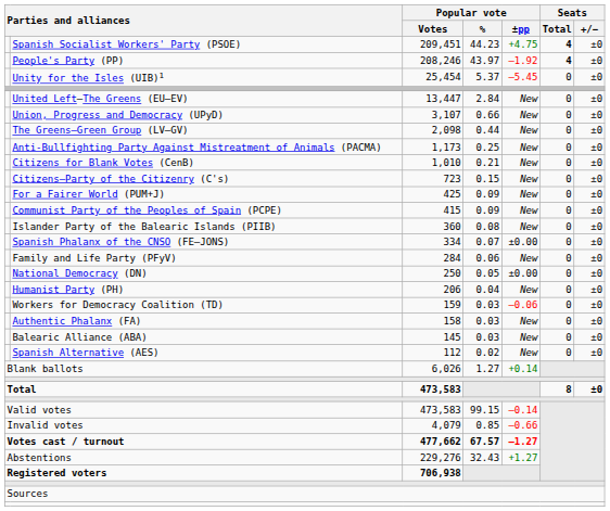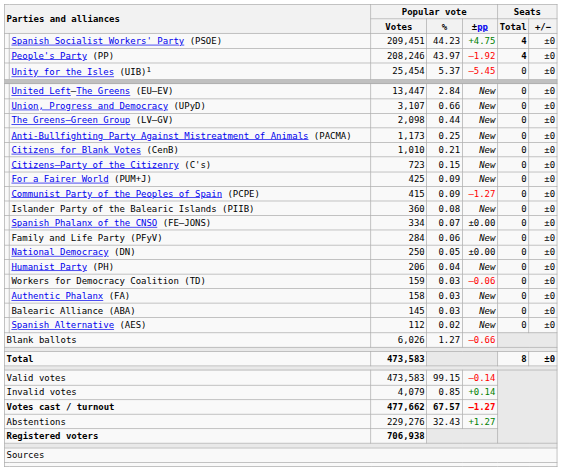 <table class="wikitable" style="text-align:right;">
 <tr>
 <th style="text-align:left;" rowspan="2" colspan="2" width="525">Parties and alliances</th>
 <th colspan="3">Popular vote</th>
 <th colspan="2">Seats</th>
 </tr>
 <tr>
 <th width="75">Votes</th>
 <th width="45">%</th>
 <th width="45">±<a href='#'>pp</a></th>
 <th width="35">Total</th>
 <th width="35">+/−</th>
 </tr>
 <tr>
 <td width="1" style="color:inherit;background:"></td>
 <td align="left"><a href='#'>Spanish Socialist Workers' Party</a> (PSOE)</td>
 <td>209,451</td>
 <td>44.23</td>
 <td style="color:green;">+4.75</td>
 <td><strong>4</strong></td>
 <td>±0</td>
 </tr>
 <tr>
 <td style="color:inherit;background:"></td>
 <td align="left"><a href='#'>People's Party</a> (PP)</td>
 <td>208,246</td>
 <td>43.97</td>
 <td style="color:red;">–1.92</td>
 <td><strong>4</strong></td>
 <td>±0</td>
 </tr>
 <tr>
 <td style="color:inherit;background:"></td>
 <td align="left"><a href='#'>Unity for the Isles</a> (UIB)<sup>1</sup></td>
 <td>25,454</td>
 <td>5.37</td>
 <td style="color:red;">–5.45</td>
 <td>0</td>
 <td>±0</td>
 </tr>
 <tr>
 <td colspan="7" bgcolor="#C0C0C0"></td>
 </tr>
 <tr>
 <td style="color:inherit;background:"></td>
 <td align="left"><a href='#'>United Left</a>–<a href='#'>The Greens</a> (EU–EV)</td>
 <td>13,447</td>
 <td>2.84</td>
 <td><em>New</em></td>
 <td>0</td>
 <td>±0</td>
 </tr>
 <tr>
 <td style="color:inherit;background:"></td>
 <td align="left"><a href='#'>Union, Progress and Democracy</a> (UPyD)</td>
 <td>3,107</td>
 <td>0.66</td>
 <td><em>New</em></td>
 <td>0</td>
 <td>±0</td>
 </tr>
 <tr>
 <td style="color:inherit;background:"></td>
 <td align="left"><a href='#'>The Greens–Green Group</a> (LV–GV)</td>
 <td>2,098</td>
 <td>0.44</td>
 <td><em>New</em></td>
 <td>0</td>
 <td>±0</td>
 </tr>
 <tr>
 <td style="color:inherit;background:"></td>
 <td align="left"><a href='#'>Anti-Bullfighting Party Against Mistreatment of Animals</a> (PACMA)</td>
 <td>1,173</td>
 <td>0.25</td>
 <td><em>New</em></td>
 <td>0</td>
 <td>±0</td>
 </tr>
 <tr>
 <td style="color:inherit;background:"></td>
 <td align="left"><a href='#'>Citizens for Blank Votes</a> (CenB)</td>
 <td>1,010</td>
 <td>0.21</td>
 <td><em>New</em></td>
 <td>0</td>
 <td>±0</td>
 </tr>
 <tr>
 <td style="color:inherit;background:"></td>
 <td align="left"><a href='#'>Citizens–Party of the Citizenry</a> (C's)</td>
 <td>723</td>
 <td>0.15</td>
 <td><em>New</em></td>
 <td>0</td>
 <td>±0</td>
 </tr>
 <tr>
 <td style="color:inherit;background:"></td>
 <td align="left"><a href='#'>For a Fairer World</a> (PUM+J)</td>
 <td>425</td>
 <td>0.09</td>
 <td><em>New</em></td>
 <td>0</td>
 <td>±0</td>
 </tr>
 <tr>
 <td style="color:inherit;background:"></td>
 <td align="left"><a href='#'>Communist Party of the Peoples of Spain</a> (PCPE)</td>
 <td>415</td>
 <td>0.09</td>
-<td><em>New</em></td>
+<td style="color:red;">–1.27</td>
 <td>0</td>
 <td>±0</td>
 </tr>
 <tr>
 <td style="color:inherit;background:"></td>
 <td align="left">Islander Party of the Balearic Islands (PIIB)</td>
 <td>360</td>
 <td>0.08</td>
 <td><em>New</em></td>
 <td>0</td>
 <td>±0</td>
 </tr>
 <tr>
 <td style="color:inherit;background:"></td>
 <td align="left"><a href='#'>Spanish Phalanx of the CNSO</a> (FE–JONS)</td>
 <td>334</td>
 <td>0.07</td>
 <td>±0.00</td>
 <td>0</td>
 <td>±0</td>
 </tr>
 <tr>
 <td style="color:inherit;background:"></td>
 <td align="left">Family and Life Party (PFyV)</td>
 <td>284</td>
 <td>0.06</td>
 <td><em>New</em></td>
 <td>0</td>
 <td>±0</td>
 </tr>
 <tr>
 <td style="color:inherit;background:"></td>
 <td align="left"><a href='#'>National Democracy</a> (DN)</td>
 <td>250</td>
 <td>0.05</td>
 <td>±0.00</td>
 <td>0</td>
 <td>±0</td>
 </tr>
 <tr>
 <td style="color:inherit;background:"></td>
 <td align="left"><a href='#'>Humanist Party</a> (PH)</td>
 <td>206</td>
 <td>0.04</td>
 <td><em>New</em></td>
 <td>0</td>
 <td>±0</td>
 </tr>
 <tr>
 <td style="color:inherit;background:"></td>
 <td align="left">Workers for Democracy Coalition (TD)</td>
 <td>159</td>
 <td>0.03</td>
 <td style="color:red;">–0.06</td>
 <td>0</td>
 <td>±0</td>
 </tr>
 <tr>
 <td style="color:inherit;background:"></td>
 <td align="left"><a href='#'>Authentic Phalanx</a> (FA)</td>
 <td>158</td>
 <td>0.03</td>
 <td><em>New</em></td>
 <td>0</td>
 <td>±0</td>
 </tr>
 <tr>
 <td style="color:inherit;background:"></td>
 <td align="left">Balearic Alliance (ABA)</td>
 <td>145</td>
 <td>0.03</td>
 <td><em>New</em></td>
 <td>0</td>
 <td>±0</td>
 </tr>
 <tr>
 <td style="color:inherit;background:"></td>
 <td align="left"><a href='#'>Spanish Alternative</a> (AES)</td>
 <td>112</td>
 <td>0.02</td>
 <td><em>New</em></td>
 <td>0</td>
 <td>±0</td>
 </tr>
 <tr>
 <td align="left" colspan="2">Blank ballots</td>
 <td>6,026</td>
 <td>1.27</td>
-<td style="color:green;">+0.14</td>
+<td style="color:red;">–0.66</td>
 <td bgcolor="#E9E9E9" colspan="2"></td>
 </tr>
 <tr>
 <td colspan="7" bgcolor="#E9E9E9"></td>
 </tr>
 <tr style="font-weight:bold;">
 <td align="left" colspan="2">Total</td>
 <td>473,583</td>
 <td bgcolor="#E9E9E9" colspan="2"></td>
 <td>8</td>
 <td>±0</td>
 </tr>
 <tr>
 <td colspan="7" bgcolor="#E9E9E9"></td>
 </tr>
 <tr>
 <td align="left" colspan="2">Valid votes</td>
 <td>473,583</td>
 <td>99.15</td>
 <td style="color:red;">–0.14</td>
 <td bgcolor="#E9E9E9" colspan="2" rowspan="5"></td>
 </tr>
 <tr>
 <td align="left" colspan="2">Invalid votes</td>
 <td>4,079</td>
 <td>0.85</td>
-<td style="color:red;">–0.66</td>
+<td style="color:green;">+0.14</td>
 </tr>
 <tr style="font-weight:bold;">
 <td align="left" colspan="2">Votes cast / turnout</td>
 <td>477,662</td>
 <td>67.57</td>
 <td style="color:red;">–1.27</td>
 </tr>
 <tr>
 <td align="left" colspan="2">Abstentions</td>
 <td>229,276</td>
 <td>32.43</td>
 <td style="color:green;">+1.27</td>
 </tr>
 <tr style="font-weight:bold;">
 <td align="left" colspan="2">Registered voters</td>
 <td>706,938</td>
 <td bgcolor="#E9E9E9" colspan="2"></td>
 </tr>
 <tr>
 <td colspan="7" bgcolor="#E9E9E9"></td>
 </tr>
 <tr>
 <td align="left" colspan="7">Sources</td>
 </tr>
 <tr>
 <td colspan="7" style="text-align:left; max-width:790px;"></td>
 </tr>
 </table>
